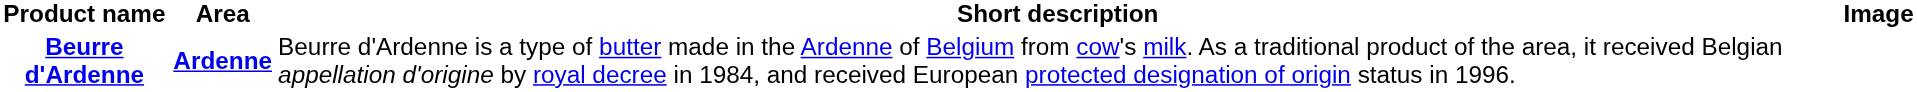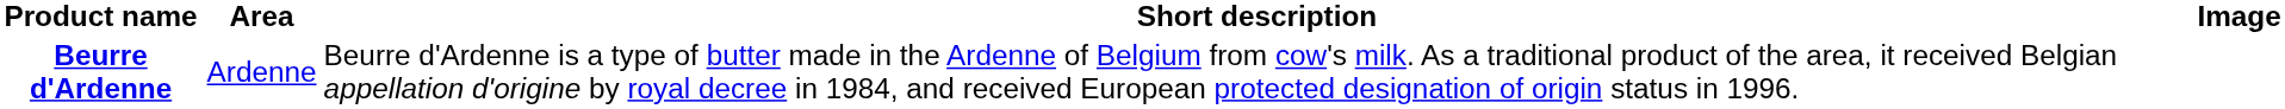 <table>
 <tr>
 <th>Product name</th>
 <th>Area</th>
 <th>Short description</th>
 <th>Image</th>
 </tr>
 <tr>
 <th><a href='#'>Beurre d'Ardenne</a></th>
-<td><strong><a href='#'>Ardenne</a></strong></td>
+<td><a href='#'>Ardenne</a></td>
 <td>Beurre d'Ardenne is a type of <a href='#'>butter</a> made in the <a href='#'>Ardenne</a> of <a href='#'>Belgium</a> from <a href='#'>cow</a>'s <a href='#'>milk</a>. As a traditional product of the area, it received Belgian <em>appellation d'origine</em> by <a href='#'>royal decree</a> in 1984, and received European <a href='#'>protected designation of origin</a> status in 1996.</td>
 </tr>
 <tr>
 </tr>
 </table>
